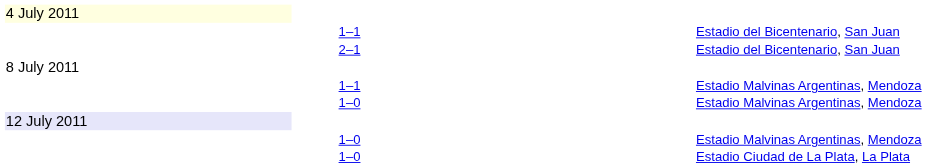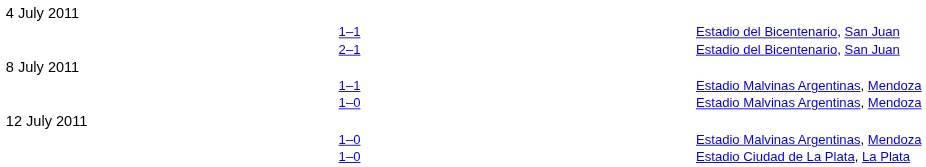 <table style="width:100%" cellspacing="1">
 <tr>
 <th width=25%></th>
 <th width=10%></th>
 <th width=25%></th>
 </tr>
 <tr>
-<td style="background: lightyellow;">4 July 2011</td>
+<td>4 July 2011</td>
 </tr>
 <tr style=font-size:90%>
 <td align=right></td>
 <td align=center><a href='#'>1–1</a></td>
 <td></td>
 <td><a href='#'>Estadio del Bicentenario</a>, <a href='#'>San Juan</a></td>
 </tr>
 <tr style=font-size:90%>
 <td align=right></td>
 <td align=center><a href='#'>2–1</a></td>
 <td></td>
 <td><a href='#'>Estadio del Bicentenario</a>, <a href='#'>San Juan</a></td>
 </tr>
 <tr>
 <td>8 July 2011</td>
 </tr>
 <tr style=font-size:90%>
 <td align=right></td>
 <td align=center><a href='#'>1–1</a></td>
 <td></td>
 <td><a href='#'>Estadio Malvinas Argentinas</a>, <a href='#'>Mendoza</a></td>
 </tr>
 <tr style=font-size:90%>
 <td align=right></td>
 <td align=center><a href='#'>1–0</a></td>
 <td></td>
 <td><a href='#'>Estadio Malvinas Argentinas</a>, <a href='#'>Mendoza</a></td>
 </tr>
 <tr>
-<td style="background: lavender;">12 July 2011</td>
+<td>12 July 2011</td>
 </tr>
 <tr style=font-size:90%>
 <td align=right></td>
 <td align=center><a href='#'>1–0</a></td>
 <td></td>
 <td><a href='#'>Estadio Malvinas Argentinas</a>, <a href='#'>Mendoza</a></td>
 </tr>
 <tr style=font-size:90%>
 <td align=right></td>
 <td align=center><a href='#'>1–0</a></td>
 <td></td>
 <td><a href='#'>Estadio Ciudad de La Plata</a>, <a href='#'>La Plata</a></td>
 </tr>
 </table>
